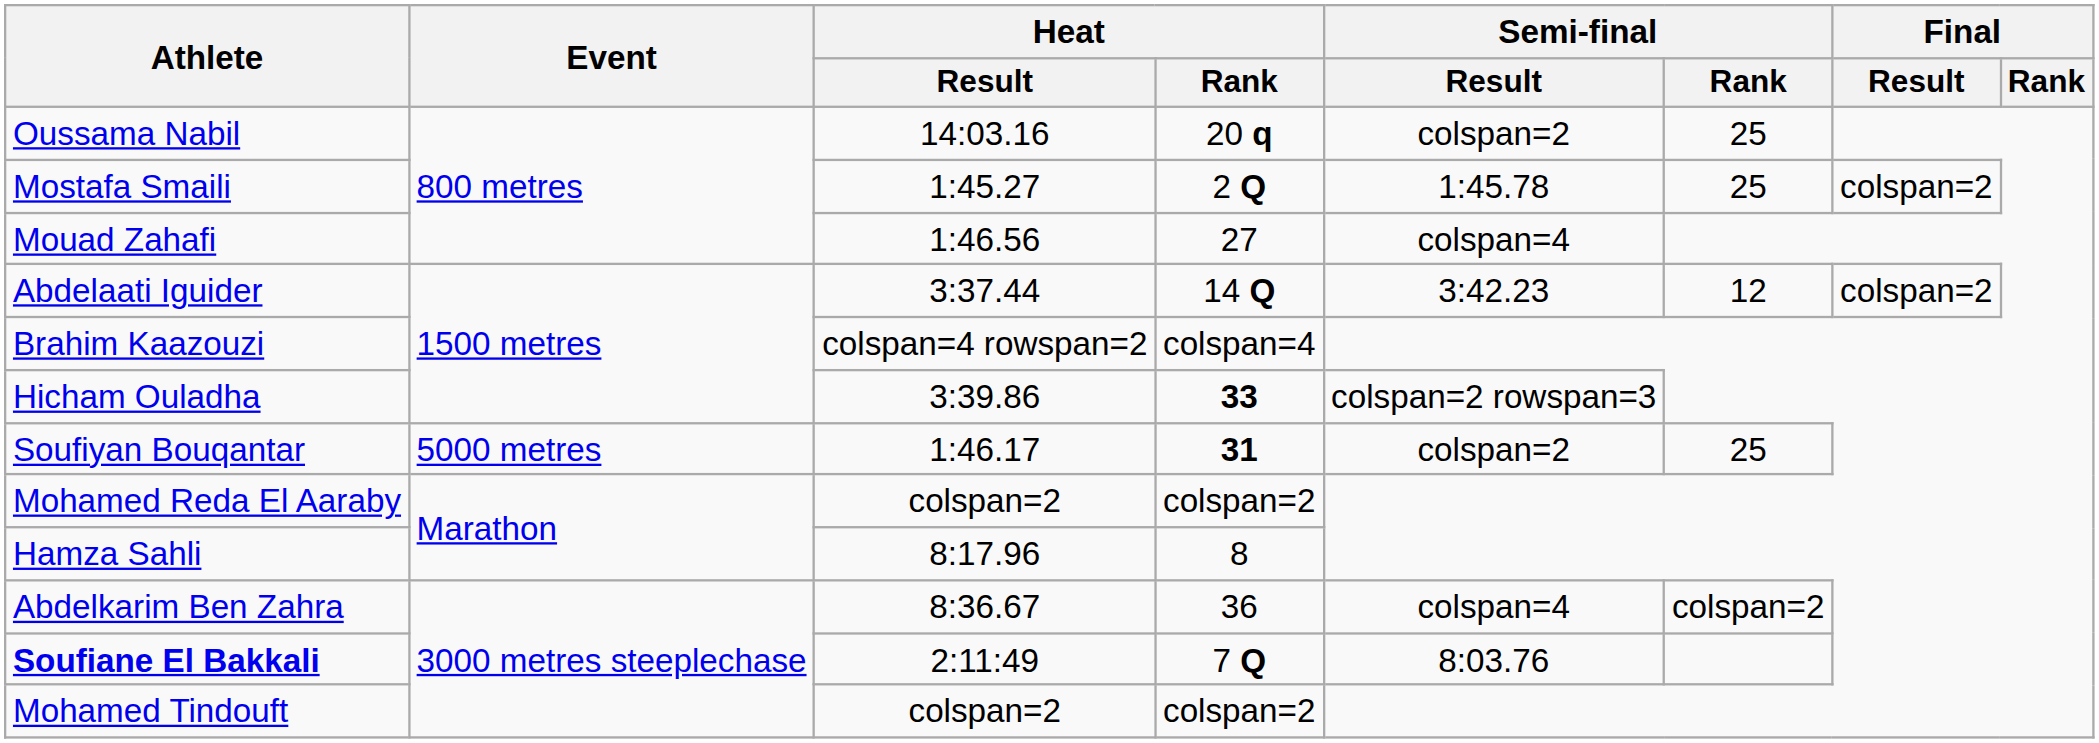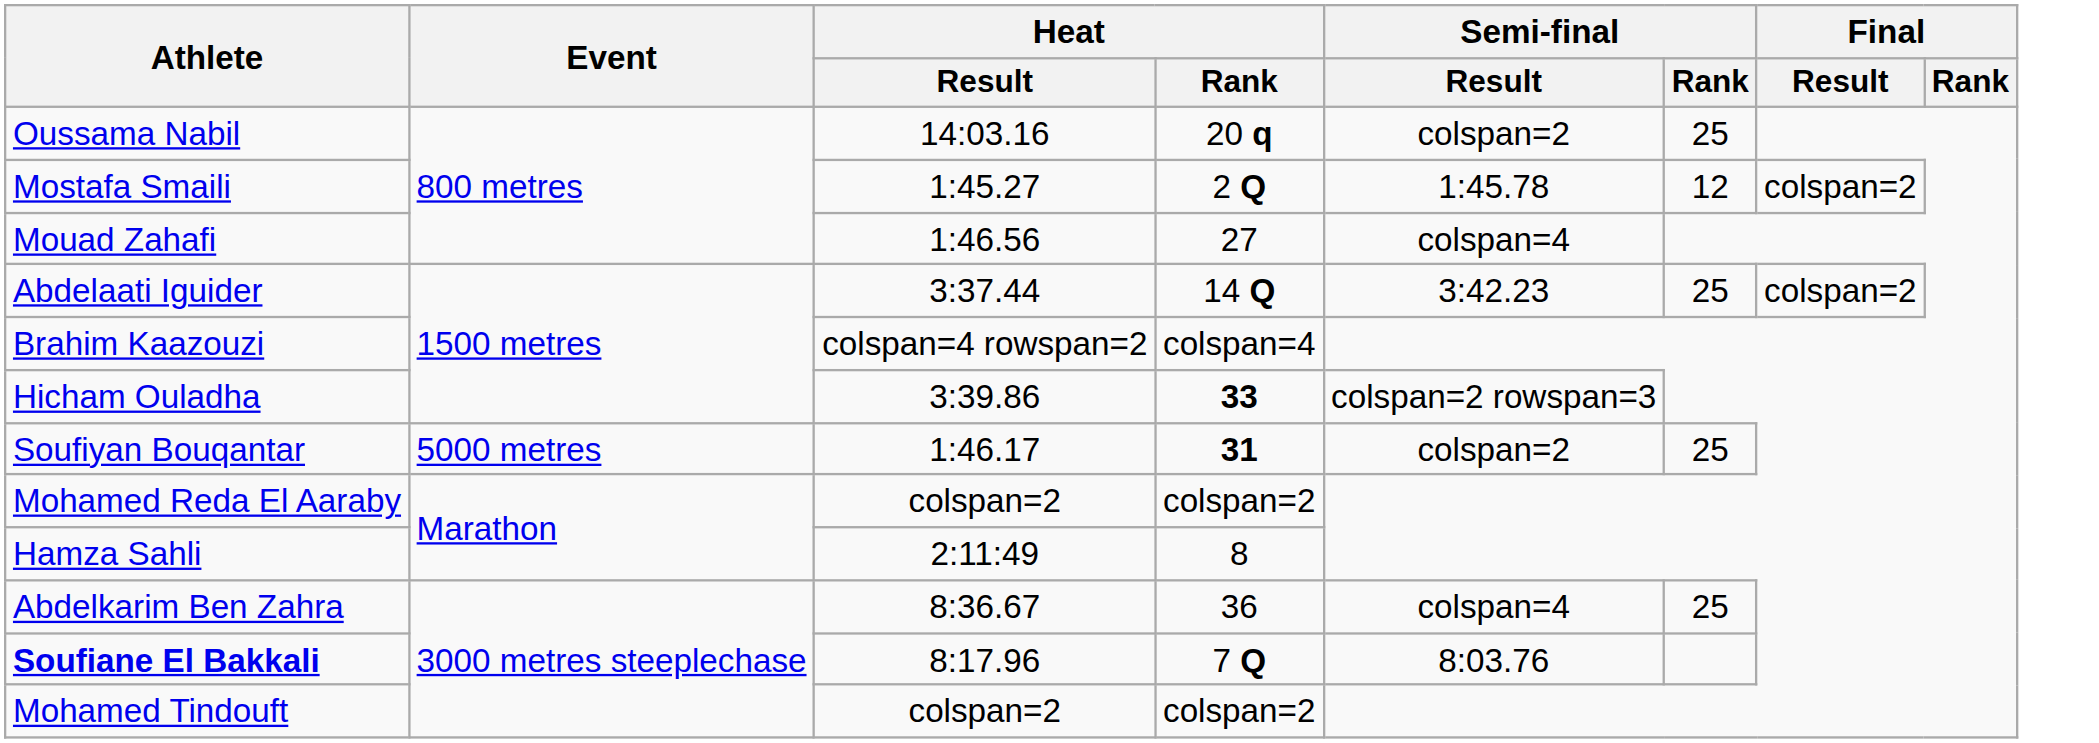 <table class="wikitable" style="font-size:90%">
 <tr>
 <th rowspan="2">Athlete</th>
 <th rowspan="2">Event</th>
 <th colspan="2">Heat</th>
 <th colspan="2">Semi-final</th>
 <th colspan="2">Final</th>
 </tr>
 <tr style="font-size:95%">
 <th>Result</th>
 <th>Rank</th>
 <th>Result</th>
 <th>Rank</th>
 <th>Result</th>
 <th>Rank</th>
 </tr>
 <tr style=text-align:center>
 <td style=text-align:left><a href='#'>Oussama Nabil</a></td>
 <td style=text-align:left rowspan=3><a href='#'>800 metres</a></td>
 <td>14:03.16</td>
 <td>20 <strong>q</strong></td>
 <td>colspan=2 </td>
 <td>25</td>
 </tr>
 <tr align=center>
 <td style=text-align:left><a href='#'>Mostafa Smaili</a></td>
 <td>1:45.27</td>
 <td>2 <strong>Q</strong></td>
 <td>1:45.78</td>
-<td>25</td>
+<td>12</td>
 <td>colspan=2 </td>
 </tr>
 <tr align=center>
 <td style=text-align:left><a href='#'>Mouad Zahafi</a></td>
 <td>1:46.56</td>
 <td>27</td>
 <td>colspan=4 </td>
 </tr>
 <tr style=text-align:center>
 <td style=text-align:left><a href='#'>Abdelaati Iguider</a></td>
 <td style=text-align:left rowspan=3><a href='#'>1500 metres</a></td>
 <td>3:37.44</td>
 <td>14 <strong>Q</strong></td>
 <td>3:42.23</td>
-<td>12</td>
+<td>25</td>
 <td>colspan=2 </td>
 </tr>
 <tr align=center>
 <td style=text-align:left><a href='#'>Brahim Kaazouzi</a></td>
 <td>colspan=4 rowspan=2</td>
 <td>colspan=4 </td>
 </tr>
 <tr align=center>
 <td style=text-align:left><a href='#'>Hicham Ouladha</a></td>
 <td>3:39.86</td>
 <td><strong>33</strong></td>
 <td>colspan=2 rowspan=3</td>
 </tr>
 <tr style=text-align:center>
 <td style=text-align:left><a href='#'>Soufiyan Bouqantar</a></td>
 <td style=text-align:left><a href='#'>5000 metres</a></td>
 <td>1:46.17</td>
 <td><strong>31</strong></td>
 <td>colspan=2 </td>
 <td>25</td>
 </tr>
 <tr style=text-align:center>
 <td style=text-align:left><a href='#'>Mohamed Reda El Aaraby</a></td>
 <td style=text-align:left rowspan=2><a href='#'>Marathon</a></td>
 <td>colspan=2 </td>
 <td>colspan=2 </td>
 </tr>
 <tr align=center>
 <td style=text-align:left><a href='#'>Hamza Sahli</a></td>
-<td>8:17.96</td>
+<td>2:11:49</td>
 <td>8</td>
 </tr>
 <tr style=text-align:center>
 <td style=text-align:left><a href='#'>Abdelkarim Ben Zahra</a></td>
 <td style=text-align:left rowspan=3><a href='#'>3000 metres steeplechase</a></td>
 <td>8:36.67</td>
 <td>36</td>
 <td>colspan=4 </td>
-<td>colspan=2 </td>
+<td>25</td>
 </tr>
 <tr align=center>
 <td style=text-align:left><strong><a href='#'>Soufiane El Bakkali</a></strong></td>
-<td>2:11:49</td>
+<td>8:17.96</td>
 <td>7 <strong>Q</strong></td>
 <td>8:03.76 </td>
 <td></td>
 </tr>
 <tr align=center>
 <td style=text-align:left><a href='#'>Mohamed Tindouft</a></td>
 <td>colspan=2</td>
 <td>colspan=2</td>
 </tr>
 </table>
